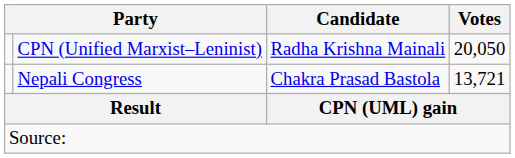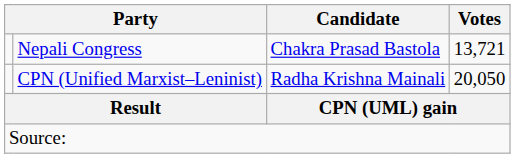 <table class="wikitable">
 <tr>
 <th colspan="2">Party</th>
 <th>Candidate</th>
 <th>Votes</th>
 </tr>
 <tr>
 <td style="background-color:"></td>
+<td><a href='#'>Nepali Congress</a></td>
+<td><a href='#'>Chakra Prasad Bastola</a></td>
+<td>13,721</td>
+</tr>
+<tr>
+<td style="background-color:"></td>
 <td><a href='#'>CPN (Unified Marxist–Leninist)</a></td>
 <td><a href='#'>Radha Krishna Mainali</a></td>
 <td>20,050</td>
-</tr>
-<tr>
-<td style="background-color:"></td>
-<td><a href='#'>Nepali Congress</a></td>
-<td><a href='#'>Chakra Prasad Bastola</a></td>
-<td>13,721</td>
 </tr>
 <tr>
 <th colspan="2">Result</th>
 <th colspan="2">CPN (UML) gain</th>
 </tr>
 <tr>
 <td colspan="4">Source: </td>
 </tr>
 </table>
